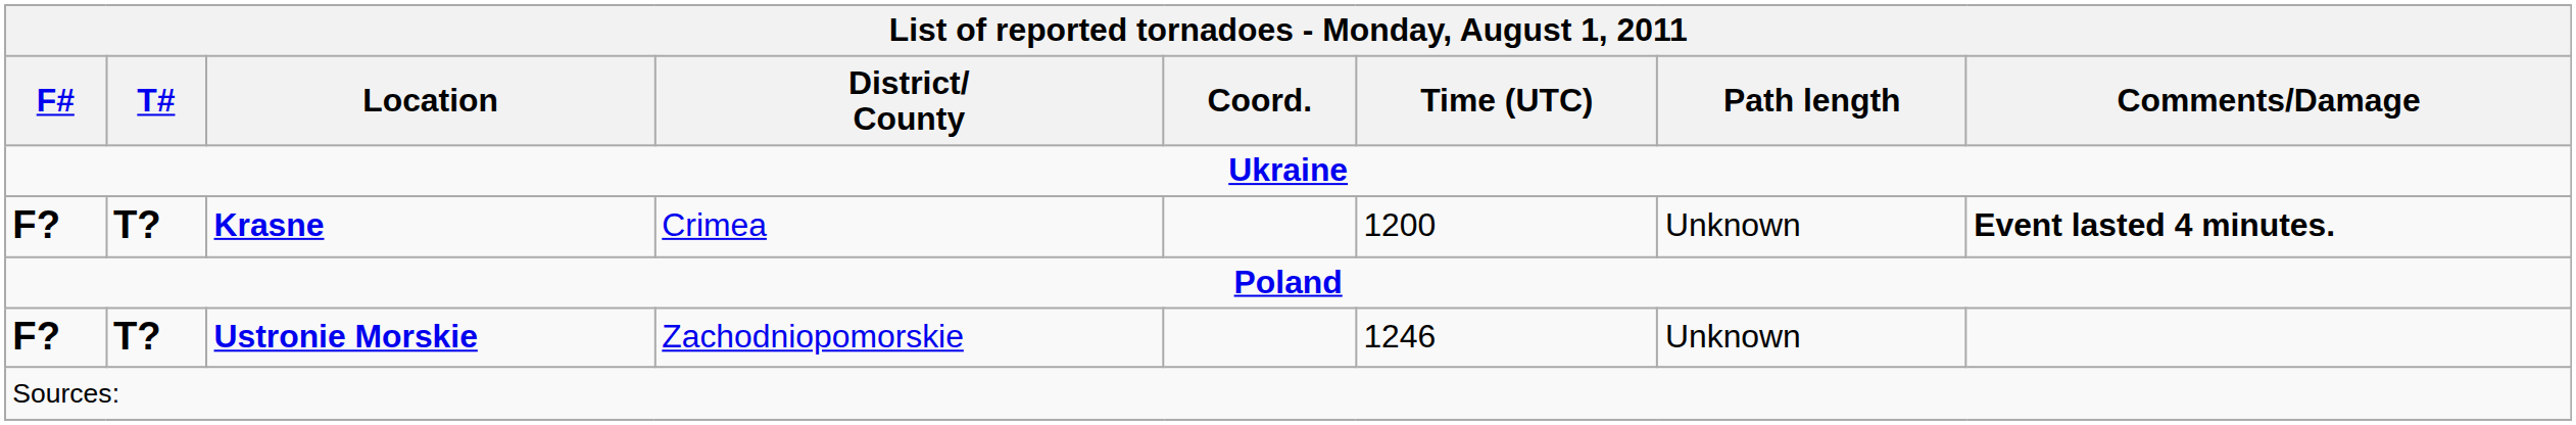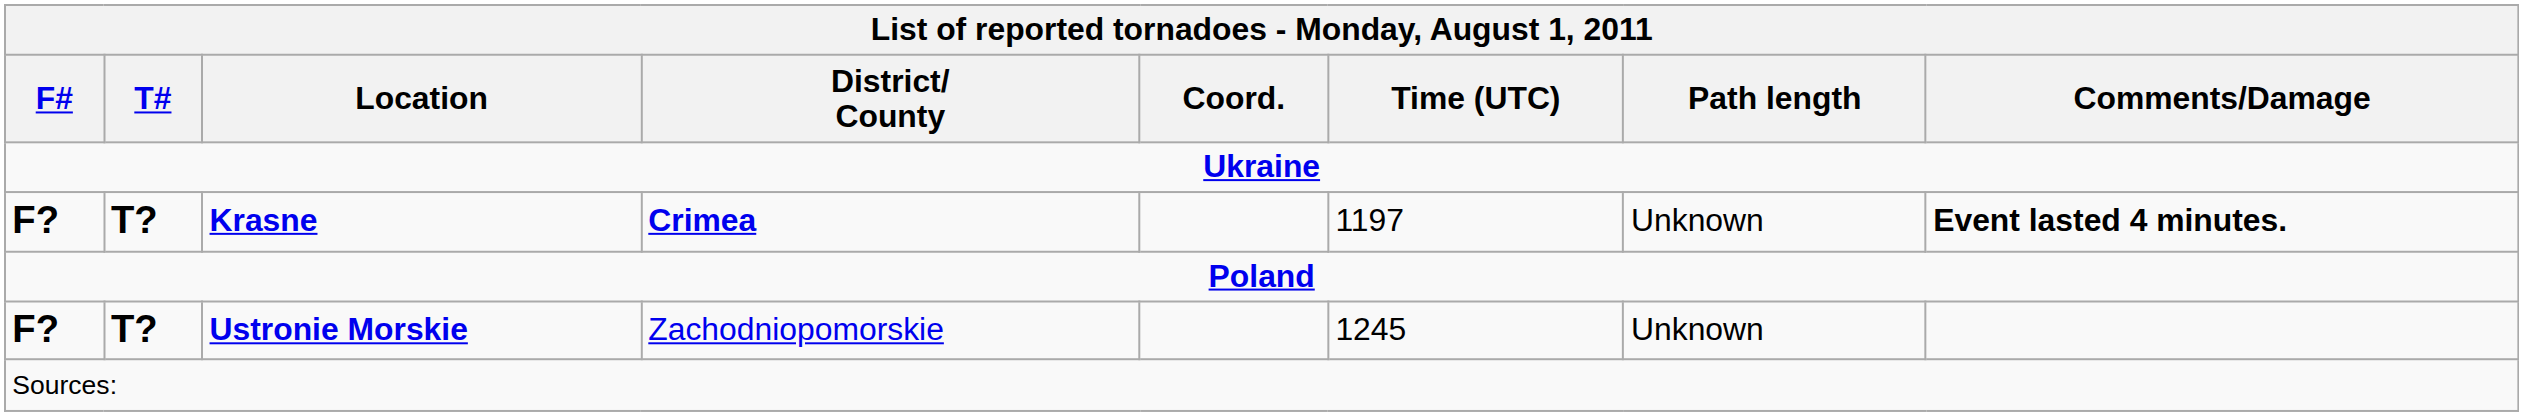 <table class="wikitable collapsible" width="100%">
 <tr>
 <th colspan="8">List of reported tornadoes - Monday, August 1, 2011</th>
 </tr>
 <tr>
 <th><a href='#'>F#</a></th>
 <th><a href='#'>T#</a></th>
 <th>Location</th>
 <th>District/<br>County</th>
 <th>Coord.</th>
 <th>Time (UTC)</th>
 <th>Path length</th>
 <th>Comments/Damage</th>
 </tr>
 <tr>
 <td colspan="8" align=center><strong><a href='#'>Ukraine</a></strong></td>
 </tr>
 <tr>
 <td><big><strong>F?</strong></big></td>
 <td><big><strong>T?</strong></big></td>
 <td><strong><a href='#'>Krasne</a></strong></td>
-<td><a href='#'>Crimea</a></td>
+<td><strong><a href='#'>Crimea</a></strong></td>
 <td></td>
-<td>1200</td>
+<td>1197</td>
 <td>Unknown</td>
 <td><strong>Event lasted 4 minutes.</strong></td>
 </tr>
 <tr>
 <td colspan="8" align=center><strong><a href='#'>Poland</a></strong></td>
 </tr>
 <tr>
 <td><big><strong>F?</strong></big></td>
 <td><big><strong>T?</strong></big></td>
 <td><strong><a href='#'>Ustronie Morskie</a></strong></td>
 <td><a href='#'>Zachodniopomorskie</a></td>
 <td></td>
-<td>1246</td>
+<td>1245</td>
 <td>Unknown</td>
 <td></td>
 </tr>
 <tr>
 <td colspan="8"><small>Sources:  </small></td>
 </tr>
 </table>
